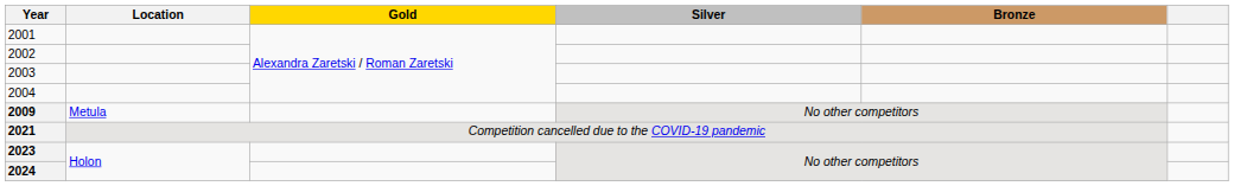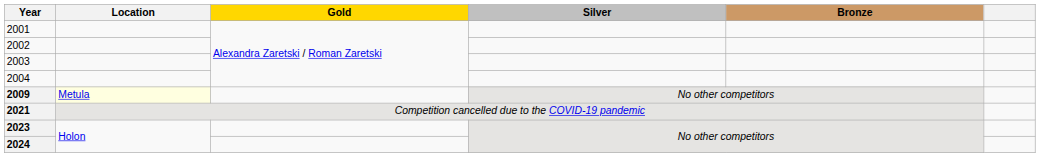 <table class="wikitable unsortable" style="text-align:left; width:80%">
 <tr>
 <th scope="col" style="text-align:center; width:5%">Year</th>
 <th scope="col" style="text-align:center; width:15%">Location</th>
 <td scope="col" style="text-align:center; width:25%; background:gold"><strong>Gold</strong></td>
 <td scope="col" style="text-align:center; width:25%; background:silver"><strong>Silver</strong></td>
 <td scope="col" style="text-align:center; width:25%; background:#c96"><strong>Bronze</strong></td>
 <th scope="col" style="text-align:center; width:5%"></th>
 </tr>
 <tr>
 <td>2001</td>
 <td></td>
 <td rowspan="4"><a href='#'>Alexandra Zaretski</a> / <a href='#'>Roman Zaretski</a></td>
 <td></td>
 <td></td>
 <td></td>
 </tr>
 <tr>
 <td>2002</td>
 <td></td>
 <td></td>
 <td></td>
 <td></td>
 </tr>
 <tr>
 <td>2003</td>
 <td></td>
 <td></td>
 <td></td>
 <td></td>
 </tr>
 <tr>
 <td>2004</td>
 <td></td>
 <td></td>
 <td></td>
 <td></td>
 </tr>
 <tr>
 <th scope="row" style="text-align:left">2009</th>
-<td><a href='#'>Metula</a></td>
+<td style="background: lightyellow;"><a href='#'>Metula</a></td>
 <td></td>
 <td colspan="2" align="center" bgcolor="e5e4e2"><em>No other competitors</em></td>
 <td></td>
 </tr>
 <tr>
 <th scope="row" style="text-align:left">2021</th>
 <td colspan="4" align="center" bgcolor="e5e4e2"><em>Competition cancelled due to the <a href='#'>COVID-19 pandemic</a></em></td>
 <td></td>
 </tr>
 <tr>
 <th scope="row" style="text-align:left">2023</th>
 <td rowspan="2"><a href='#'>Holon</a></td>
 <td></td>
 <td colspan="2" rowspan="2" align="center" bgcolor="e5e4e2"><em>No other competitors</em></td>
 <td></td>
 </tr>
 <tr>
 <th scope="row" style="text-align:left">2024</th>
 <td></td>
 <td></td>
 </tr>
 </table>
